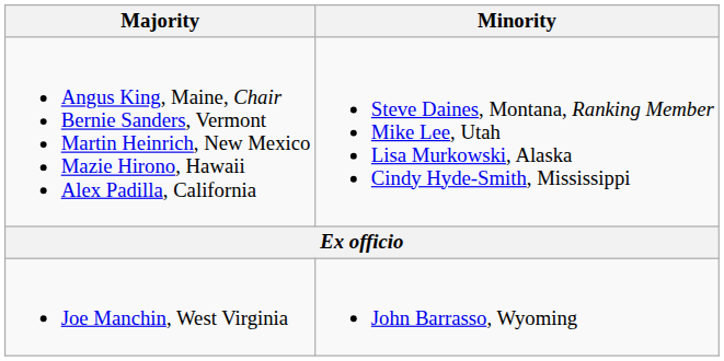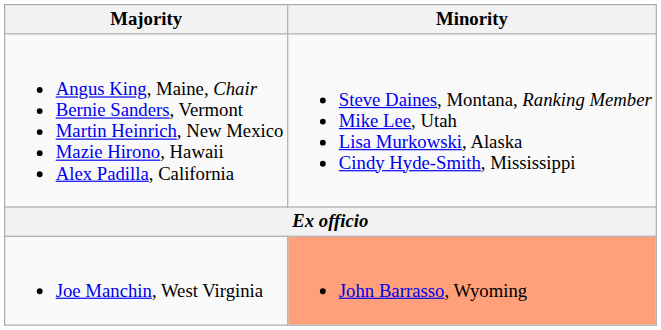 <table class=wikitable>
 <tr>
 <th>Majority</th>
 <th>Minority</th>
 </tr>
 <tr>
 <td><br><ul><li><span><a href='#'>Angus King</a>, Maine, <em>Chair</em> </span></li><li><span><a href='#'>Bernie Sanders</a>, Vermont</span></li><li><a href='#'>Martin Heinrich</a>, New Mexico</li><li><a href='#'>Mazie Hirono</a>, Hawaii</li><li><a href='#'>Alex Padilla</a>, California</li></ul></td>
 <td><br><ul><li><a href='#'>Steve Daines</a>, Montana, <em>Ranking Member</em></li><li><a href='#'>Mike Lee</a>, Utah</li><li><a href='#'>Lisa Murkowski</a>, Alaska</li><li><a href='#'>Cindy Hyde-Smith</a>, Mississippi</li></ul></td>
 </tr>
 <tr>
 <th colspan=2><em>Ex officio</em></th>
 </tr>
 <tr>
 <td><br><ul><li><span><a href='#'>Joe Manchin</a>, West Virginia</span></li></ul></td>
-<td><br><ul><li><a href='#'>John Barrasso</a>, Wyoming</li></ul></td>
+<td style="background: lightsalmon;"><br><ul><li><a href='#'>John Barrasso</a>, Wyoming</li></ul></td>
 </tr>
 </table>
